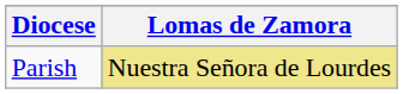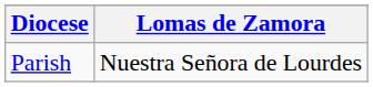 <table class="wikitable">
 <tr bgcolor="#ececec">
 </tr>
 <tr javascript:translate().>
 <th><a href='#'>Diocese</a></th>
 <th><a href='#'>Lomas de Zamora</a></th>
 </tr>
 <tr>
 <td><a href='#'>Parish</a></td>
-<td style="background: khaki;">Nuestra Señora de Lourdes</td>
+<td>Nuestra Señora de Lourdes</td>
 </tr>
 </table>
